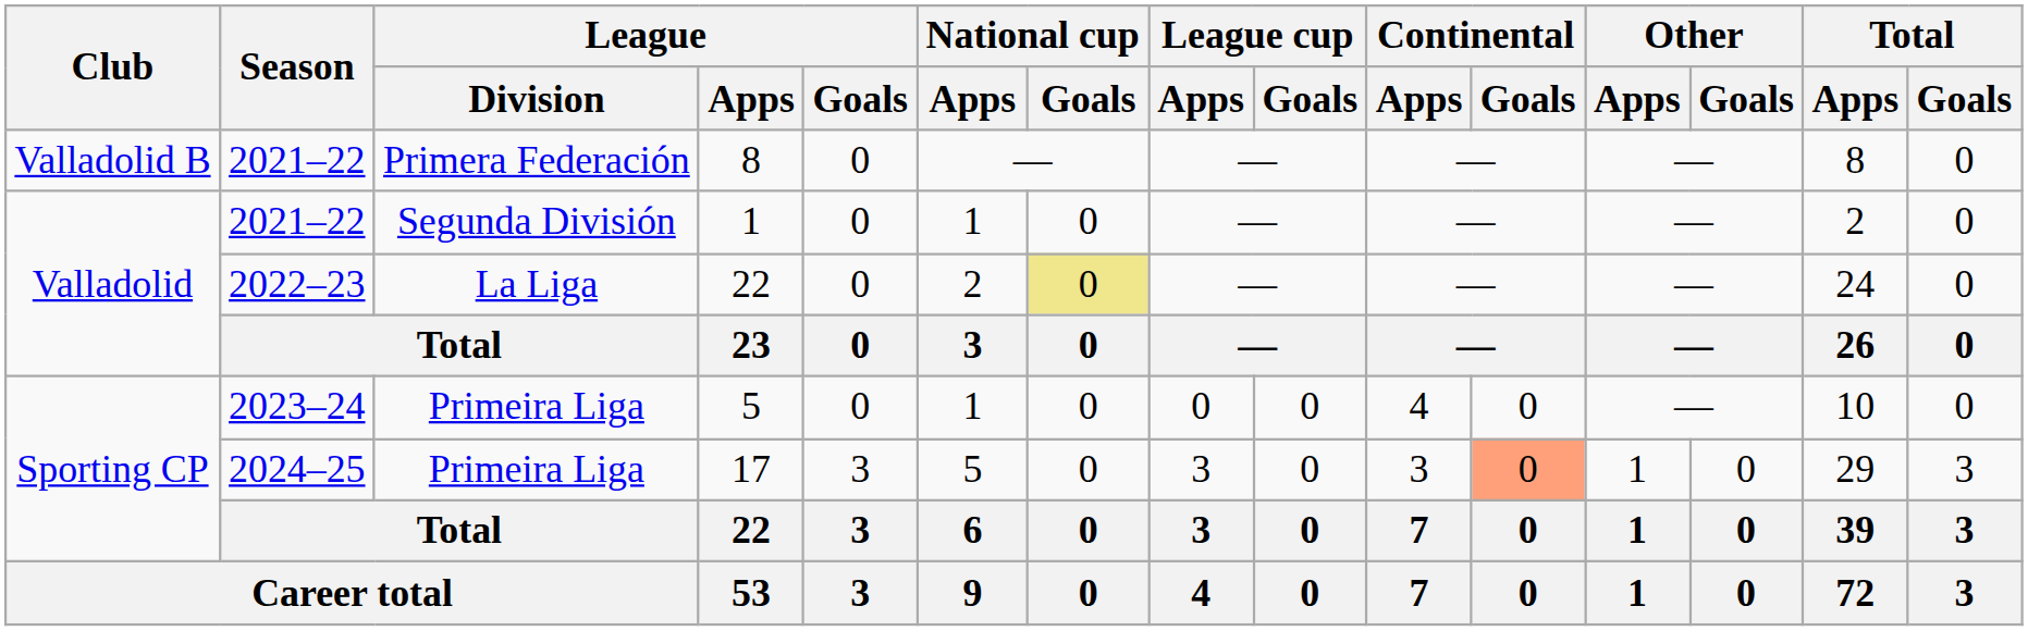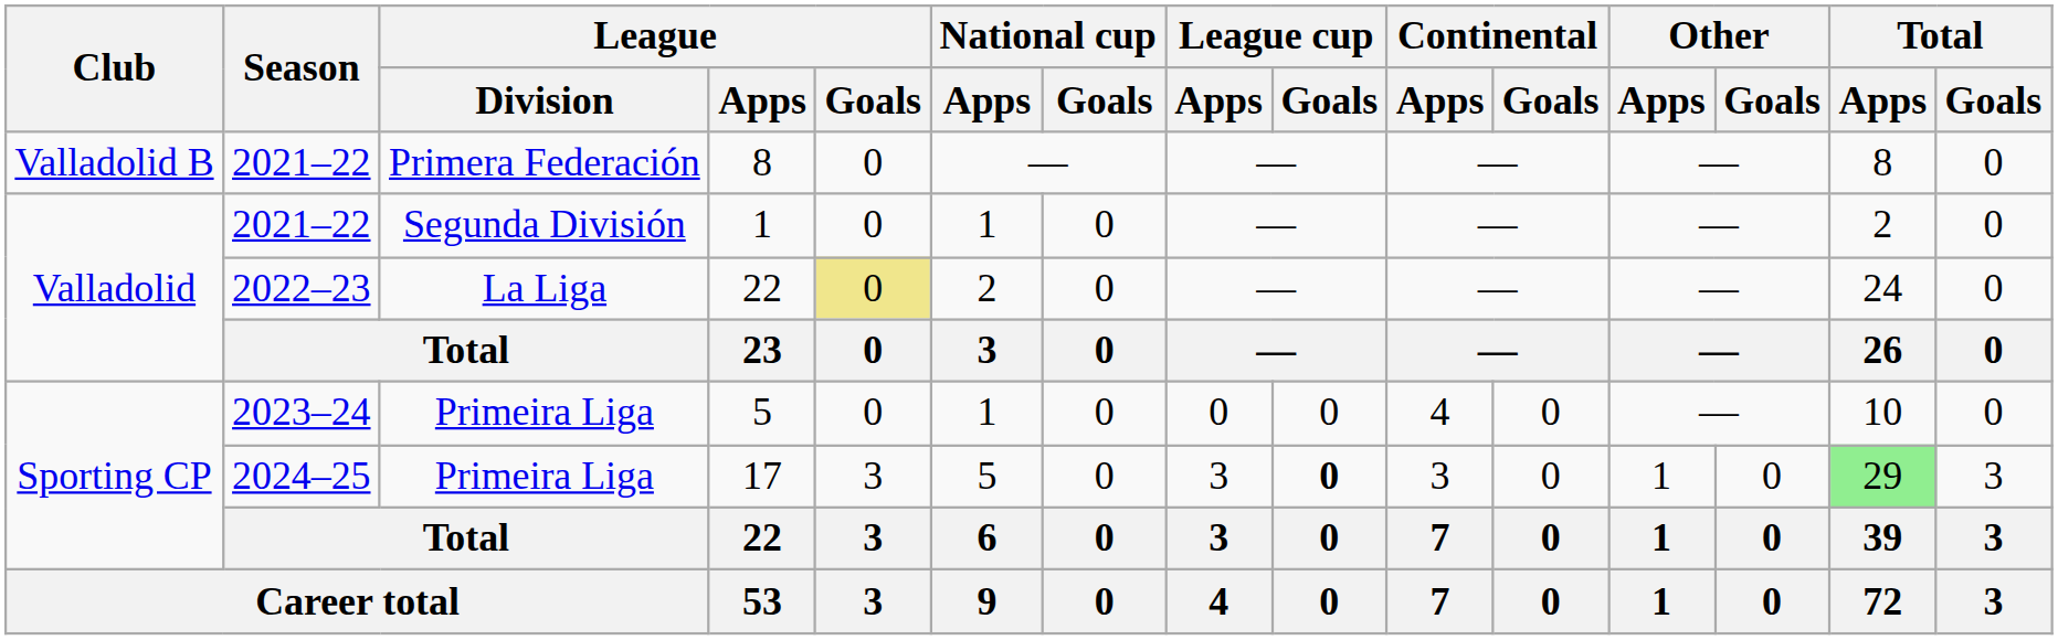 <table class="wikitable" style="text-align:center">
 <tr>
 <th rowspan="2">Club</th>
 <th rowspan="2">Season</th>
 <th colspan="3">League</th>
 <th colspan="2">National cup</th>
 <th colspan="2">League cup</th>
 <th colspan="2">Continental</th>
 <th colspan="2">Other</th>
 <th colspan="2">Total</th>
 </tr>
 <tr>
 <th>Division</th>
 <th>Apps</th>
 <th>Goals</th>
 <th>Apps</th>
 <th>Goals</th>
 <th>Apps</th>
 <th>Goals</th>
 <th>Apps</th>
 <th>Goals</th>
 <th>Apps</th>
 <th>Goals</th>
 <th>Apps</th>
 <th>Goals</th>
 </tr>
 <tr>
 <td><a href='#'>Valladolid B</a></td>
 <td><a href='#'>2021–22</a></td>
 <td><a href='#'>Primera Federación</a></td>
 <td>8</td>
 <td>0</td>
 <td colspan="2">—</td>
 <td colspan="2">—</td>
 <td colspan="2">—</td>
 <td colspan="2">—</td>
 <td>8</td>
 <td>0</td>
 </tr>
 <tr>
 <td rowspan="3"><a href='#'>Valladolid</a></td>
 <td><a href='#'>2021–22</a></td>
 <td><a href='#'>Segunda División</a></td>
 <td>1</td>
 <td>0</td>
 <td>1</td>
 <td>0</td>
 <td colspan="2">—</td>
 <td colspan="2">—</td>
 <td colspan="2">—</td>
 <td>2</td>
 <td>0</td>
 </tr>
 <tr>
 <td><a href='#'>2022–23</a></td>
 <td><a href='#'>La Liga</a></td>
 <td>22</td>
+<td style="background: khaki;">0</td>
+<td>2</td>
 <td>0</td>
-<td>2</td>
-<td style="background: khaki;">0</td>
 <td colspan="2">—</td>
 <td colspan="2">—</td>
 <td colspan="2">—</td>
 <td>24</td>
 <td>0</td>
 </tr>
 <tr>
 <th colspan="2">Total</th>
 <th>23</th>
 <th>0</th>
 <th>3</th>
 <th>0</th>
 <th colspan="2">—</th>
 <th colspan="2">—</th>
 <th colspan="2">—</th>
 <th>26</th>
 <th>0</th>
 </tr>
 <tr>
 <td rowspan="3"><a href='#'>Sporting CP</a></td>
 <td><a href='#'>2023–24</a></td>
 <td><a href='#'>Primeira Liga</a></td>
 <td>5</td>
 <td>0</td>
 <td>1</td>
 <td>0</td>
 <td>0</td>
 <td>0</td>
 <td>4</td>
 <td>0</td>
 <td colspan="2">—</td>
 <td>10</td>
 <td>0</td>
 </tr>
 <tr>
 <td><a href='#'>2024–25</a></td>
 <td><a href='#'>Primeira Liga</a></td>
 <td>17</td>
 <td>3</td>
 <td>5</td>
 <td>0</td>
 <td>3</td>
+<td><strong>0</strong></td>
+<td>3</td>
 <td>0</td>
-<td>3</td>
-<td style="background: lightsalmon;">0</td>
 <td>1</td>
 <td>0</td>
-<td>29</td>
+<td style="background: lightgreen;">29</td>
 <td>3</td>
 </tr>
 <tr>
 <th colspan="2">Total</th>
 <th>22</th>
 <th>3</th>
 <th>6</th>
 <th>0</th>
 <th>3</th>
 <th>0</th>
 <th>7</th>
 <th>0</th>
 <th>1</th>
 <th>0</th>
 <th>39</th>
 <th>3</th>
 </tr>
 <tr>
 <th colspan="3">Career total</th>
 <th>53</th>
 <th>3</th>
 <th>9</th>
 <th>0</th>
 <th>4</th>
 <th>0</th>
 <th>7</th>
 <th>0</th>
 <th>1</th>
 <th>0</th>
 <th>72</th>
 <th>3</th>
 </tr>
 </table>
